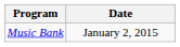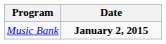 <table class="wikitable" style="text-align:center;">
 <tr>
 <th>Program</th>
 <th style="width:140px;">Date</th>
 </tr>
 <tr>
 <td align="center"><em><a href='#'>Music Bank</a></em></td>
-<td>January 2, 2015</td>
+<td><strong>January 2, 2015</strong></td>
 </tr>
 </table>
